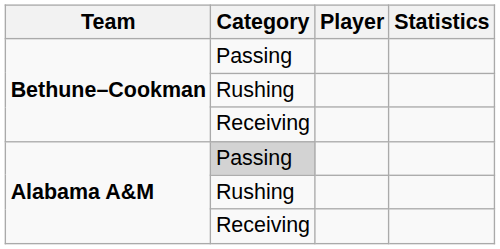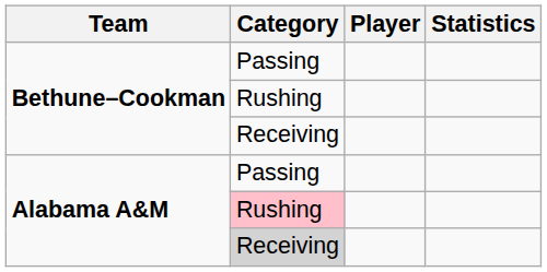 <table class="wikitable" style="float: right;">
 <tr>
 <th>Team</th>
 <th>Category</th>
 <th>Player</th>
 <th>Statistics</th>
 </tr>
 <tr>
 <td rowspan=3><strong>Bethune–Cookman</strong></td>
 <td>Passing</td>
 <td></td>
 <td></td>
 </tr>
 <tr>
 <td>Rushing</td>
 <td></td>
 <td></td>
 </tr>
 <tr>
 <td>Receiving</td>
 <td></td>
 <td></td>
 </tr>
 <tr>
 <td rowspan=3><strong>Alabama A&M</strong></td>
-<td style="background: lightgrey;">Passing</td>
+<td>Passing</td>
 <td></td>
 <td></td>
 </tr>
 <tr>
-<td>Rushing</td>
+<td style="background: pink;">Rushing</td>
 <td></td>
 <td></td>
 </tr>
 <tr>
-<td>Receiving</td>
+<td style="background: lightgrey;">Receiving</td>
 <td></td>
 <td></td>
 </tr>
 </table>
